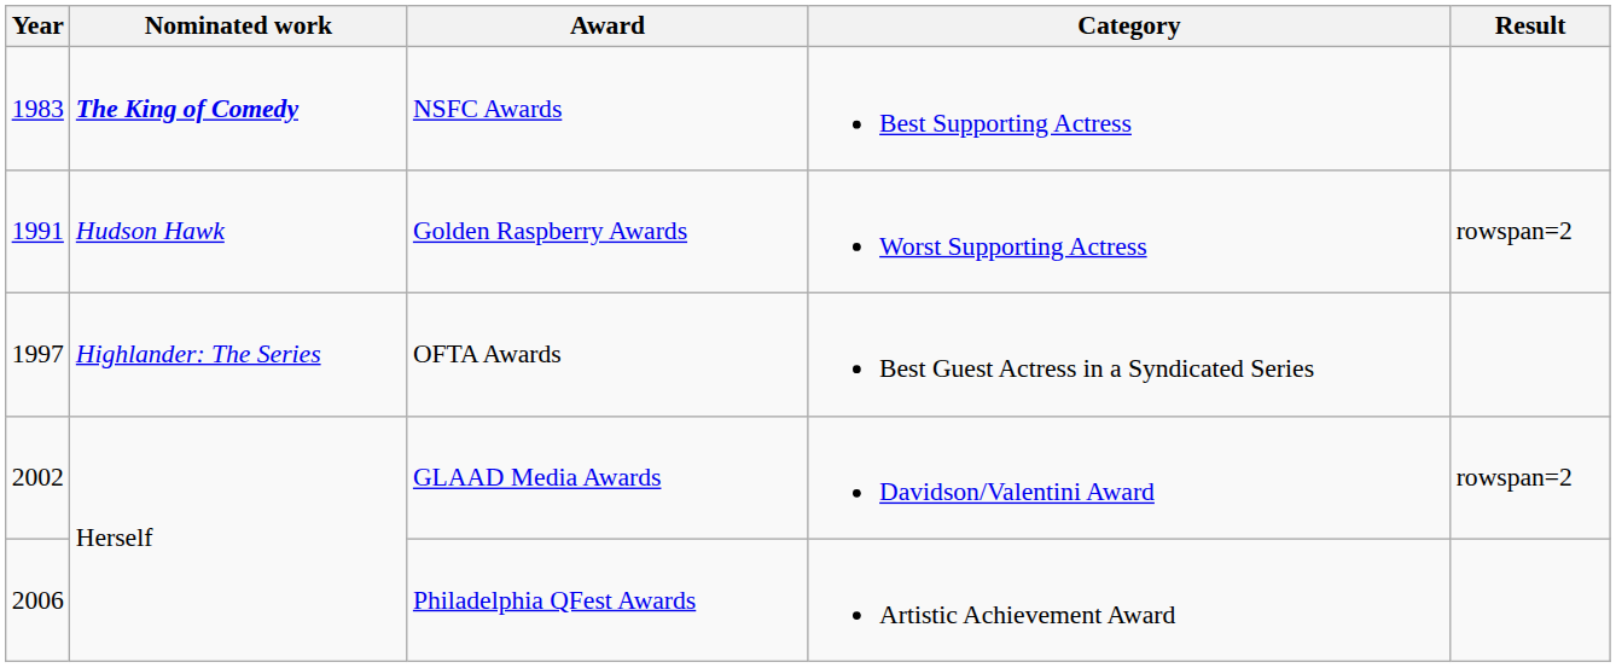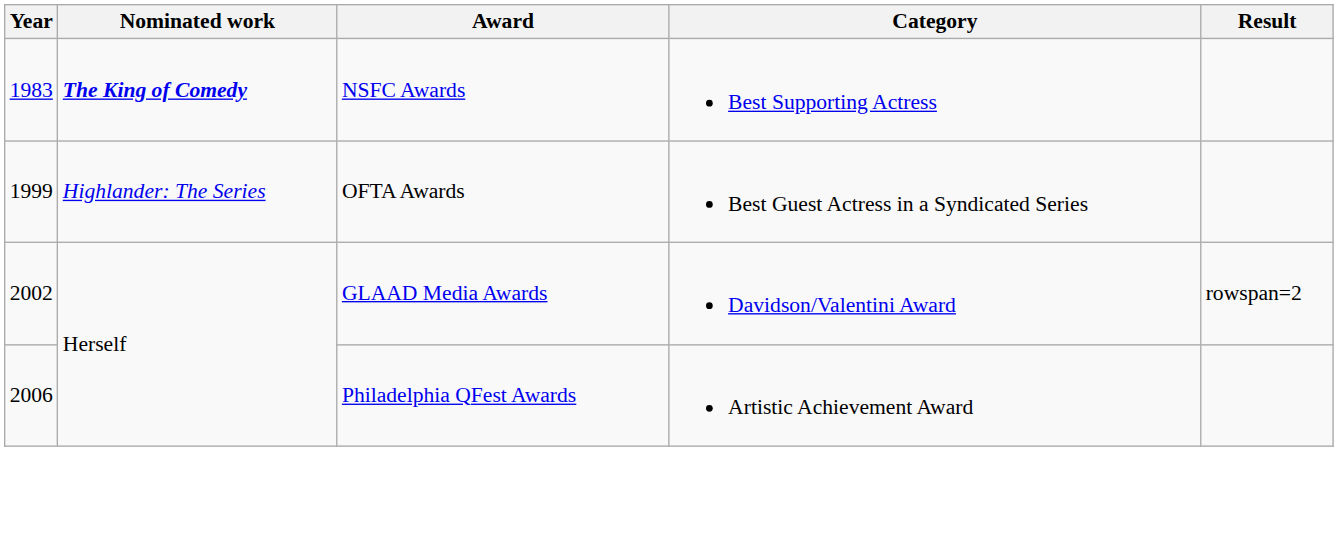 <table class=wikitable>
 <tr>
 <th width=4%>Year</th>
 <th width=21%>Nominated work</th>
 <th width=25%>Award</th>
 <th width=40%>Category</th>
 <th width=10%>Result</th>
 </tr>
 <tr>
 <td><a href='#'>1983</a></td>
 <td><strong><em><a href='#'>The King of Comedy</a></em></strong></td>
 <td><a href='#'>NSFC Awards</a></td>
 <td><br><ul><li><a href='#'>Best Supporting Actress</a></li></ul></td>
 <td></td>
 </tr>
 <tr>
-<td><a href='#'>1991</a></td>
-<td><em><a href='#'>Hudson Hawk</a></em></td>
-<td><a href='#'>Golden Raspberry Awards</a></td>
-<td><br><ul><li><a href='#'>Worst Supporting Actress</a></li></ul></td>
-<td>rowspan=2 </td>
-</tr>
-<tr>
-<td>1997</td>
+<td>1999</td>
 <td><em><a href='#'>Highlander: The Series</a></em></td>
 <td>OFTA Awards</td>
 <td><br><ul><li>Best Guest Actress in a Syndicated Series</li></ul></td>
 </tr>
 <tr>
 <td>2002</td>
 <td rowspan=2>Herself</td>
 <td><a href='#'>GLAAD Media Awards</a></td>
 <td><br><ul><li><a href='#'>Davidson/Valentini Award</a></li></ul></td>
 <td>rowspan=2 </td>
 </tr>
 <tr>
 <td>2006</td>
 <td><a href='#'>Philadelphia QFest Awards</a></td>
 <td><br><ul><li>Artistic Achievement Award</li></ul></td>
 </tr>
 </table>
